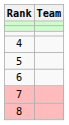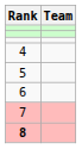 <table class=wikitable style="text-align:center;">
 <tr>
 <th>Rank</th>
 <th>Team</th>
 </tr>
 <tr bgcolor=ccffcc>
 <td></td>
 <td align=left></td>
 </tr>
 <tr bgcolor=ccffcc>
 <td></td>
 <td align=left></td>
 </tr>
 <tr>
 <td></td>
 <td align=left></td>
 </tr>
 <tr>
 <td>4</td>
 <td align=left></td>
 </tr>
 <tr>
 <td>5</td>
 <td align=left></td>
 </tr>
 <tr>
 <td>6</td>
 <td align=left></td>
 </tr>
 <tr bgcolor=ffbbbb>
 <td>7</td>
 <td align=left></td>
 </tr>
 <tr bgcolor=ffbbbb>
-<td>8</td>
+<td><strong>8</strong></td>
 <td align=left></td>
 </tr>
 </table>
